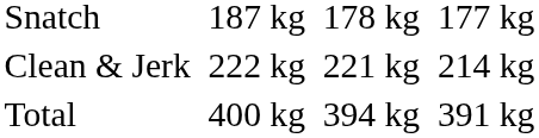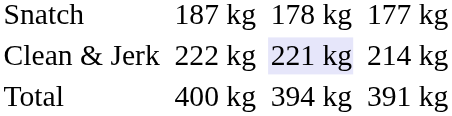 <table>
 <tr>
 <td>Snatch</td>
 <td></td>
 <td>187 kg</td>
 <td></td>
 <td>178 kg</td>
 <td></td>
 <td>177 kg</td>
 </tr>
 <tr>
 <td>Clean & Jerk</td>
 <td></td>
 <td>222 kg</td>
 <td></td>
-<td>221 kg</td>
+<td style="background: lavender;">221 kg</td>
 <td></td>
 <td>214 kg</td>
 </tr>
 <tr>
 <td>Total</td>
 <td></td>
 <td>400 kg</td>
 <td></td>
 <td>394 kg</td>
 <td></td>
 <td>391 kg</td>
 </tr>
 </table>
